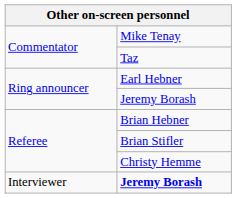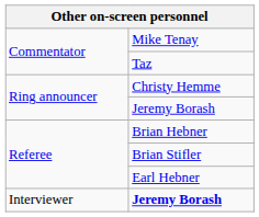 <table align="right" class="wikitable" style="border:1px; font-size:90%; margin-left:1em;">
 <tr>
 <th colspan="2" width="250"><strong>Other on-screen personnel</strong></th>
 </tr>
 <tr>
 <td rowspan=2><a href='#'>Commentator</a></td>
 <td><a href='#'>Mike Tenay</a></td>
 </tr>
 <tr>
 <td><a href='#'>Taz</a></td>
 </tr>
 <tr>
 <td rowspan=2><a href='#'>Ring announcer</a></td>
-<td><a href='#'>Earl Hebner</a></td>
+<td><a href='#'>Christy Hemme</a></td>
 </tr>
 <tr>
 <td><a href='#'>Jeremy Borash</a></td>
 </tr>
 <tr>
 <td rowspan=3><a href='#'>Referee</a></td>
 <td><a href='#'>Brian Hebner</a></td>
 </tr>
 <tr>
 <td><a href='#'>Brian Stifler</a></td>
 </tr>
 <tr>
-<td><a href='#'>Christy Hemme</a></td>
+<td><a href='#'>Earl Hebner</a></td>
 </tr>
 <tr>
 <td rowspan=1>Interviewer</td>
 <td><strong><a href='#'>Jeremy Borash</a></strong></td>
 </tr>
 <tr>
 </tr>
 </table>
